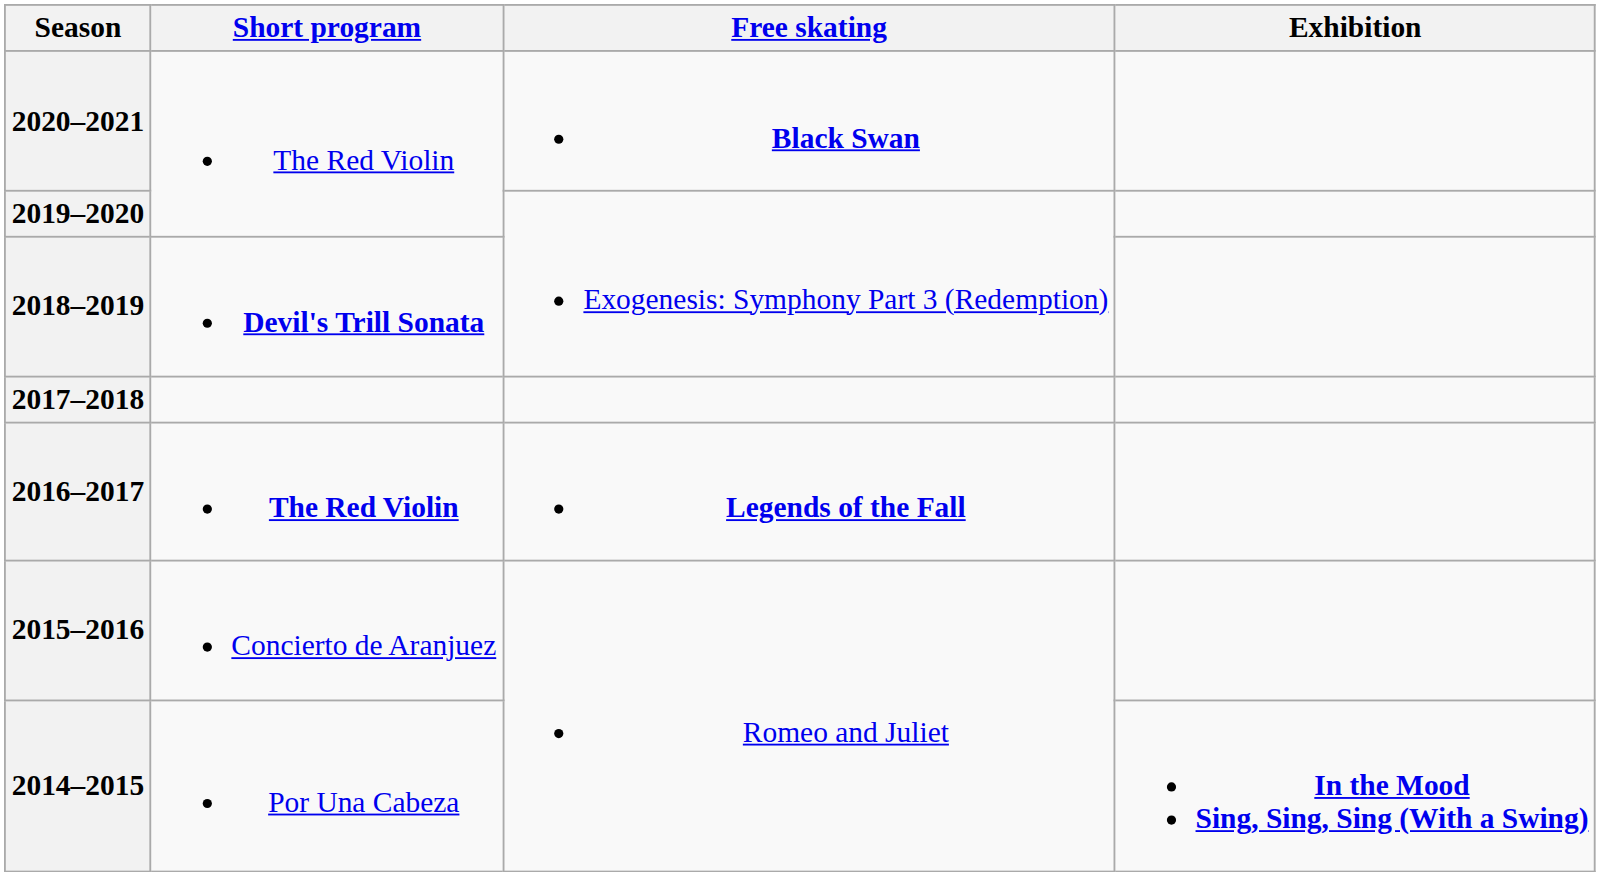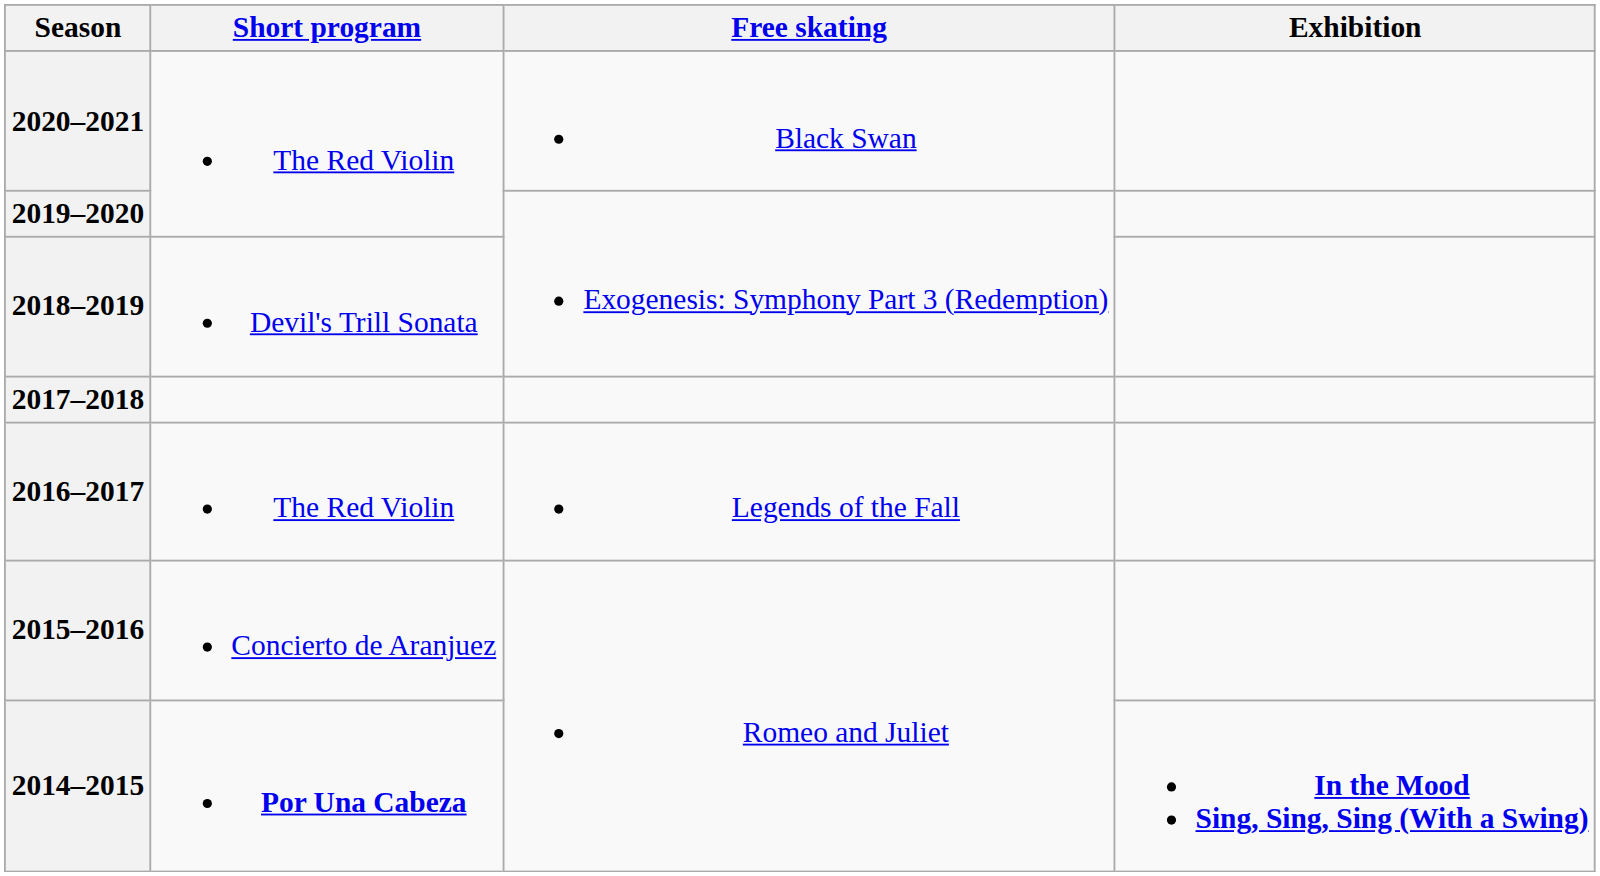 <table class=wikitable style=text-align:center>
 <tr>
 <th>Season</th>
 <th><a href='#'>Short program</a></th>
 <th><a href='#'>Free skating</a></th>
 <th>Exhibition</th>
 </tr>
 <tr>
 <th>2020–2021</th>
 <td rowspan=2><br><ul><li><a href='#'>The Red Violin</a> <br></li></ul></td>
-<td><strong><br><ul><li><a href='#'>Black Swan</a><br></li></ul></strong></td>
+<td><br><ul><li><a href='#'>Black Swan</a><br></li></ul></td>
 <td></td>
 </tr>
 <tr>
 <th>2019–2020<br></th>
 <td rowspan=2><br><ul><li><a href='#'>Exogenesis: Symphony Part 3 (Redemption)</a><br></li></ul></td>
 <td></td>
 </tr>
 <tr>
 <th>2018–2019<br></th>
-<td><strong><br><ul><li><a href='#'>Devil's Trill Sonata</a><br></li></ul></strong></td>
+<td><br><ul><li><a href='#'>Devil's Trill Sonata</a><br></li></ul></td>
 <td></td>
 </tr>
 <tr>
 <th>2017–2018</th>
 <td></td>
 <td></td>
 <td></td>
 </tr>
 <tr>
 <th>2016–2017 <br> </th>
-<td><strong><br><ul><li><a href='#'>The Red Violin</a> <br></li></ul></strong></td>
-<td><strong><br><ul><li><a href='#'>Legends of the Fall</a> <br></li></ul></strong></td>
+<td><br><ul><li><a href='#'>The Red Violin</a> <br></li></ul></td>
+<td><br><ul><li><a href='#'>Legends of the Fall</a> <br></li></ul></td>
 <td></td>
 </tr>
 <tr>
 <th>2015–2016 <br> </th>
 <td><br><ul><li><a href='#'>Concierto de Aranjuez</a> <br></li></ul></td>
 <td rowspan=2><br><ul><li><a href='#'>Romeo and Juliet</a> <br></li></ul></td>
 <td></td>
 </tr>
 <tr>
 <th>2014–2015 <br> </th>
-<td><br><ul><li><a href='#'>Por Una Cabeza</a> <br></li></ul></td>
+<td><strong><br><ul><li><a href='#'>Por Una Cabeza</a> <br></li></ul></strong></td>
 <td><strong><br><ul><li><a href='#'>In the Mood</a> <br></li><li><a href='#'>Sing, Sing, Sing (With a Swing)</a> <br></li></ul></strong></td>
 </tr>
 </table>
